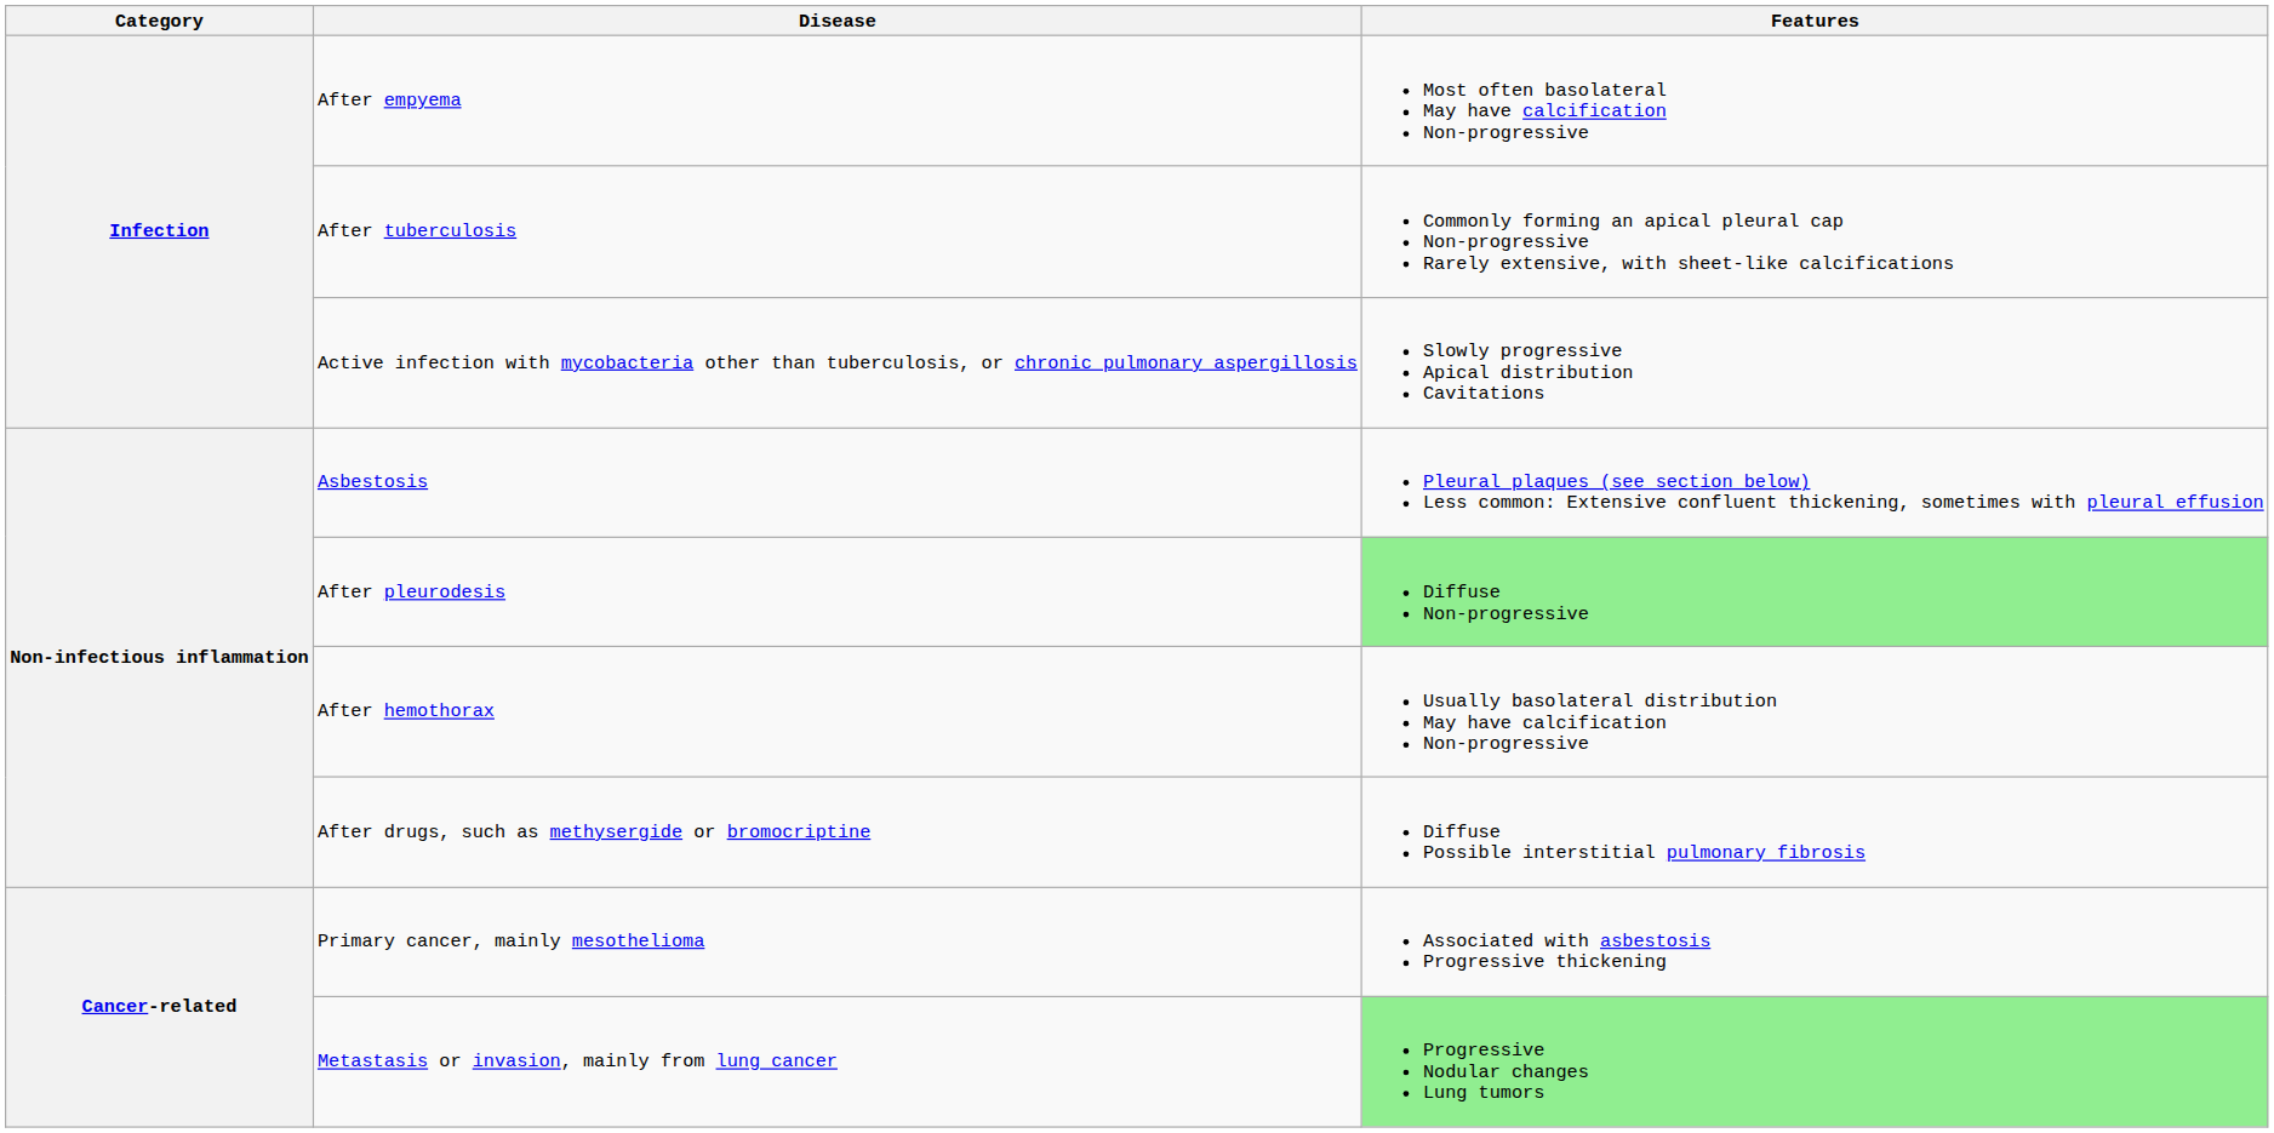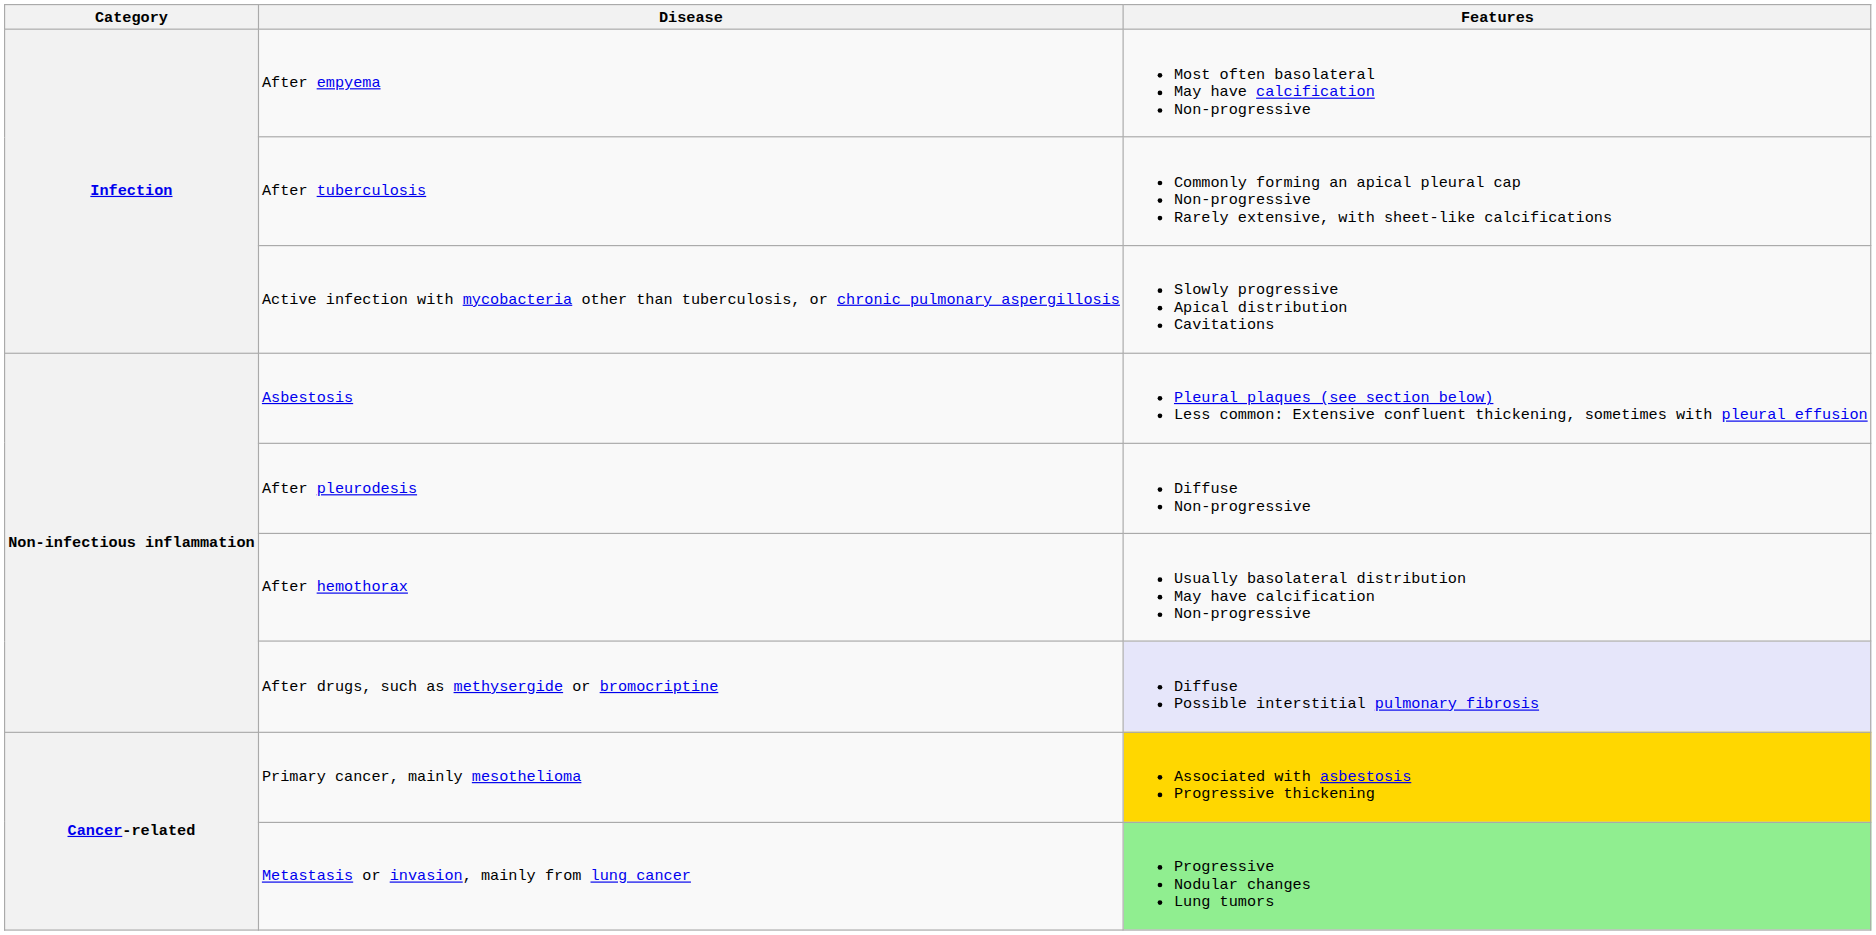 <table class="wikitable">
 <tr>
 <th>Category</th>
 <th>Disease</th>
 <th>Features</th>
 </tr>
 <tr>
 <th rowspan=3><a href='#'>Infection</a></th>
 <td>After <a href='#'>empyema</a></td>
 <td><br><ul><li>Most often basolateral</li><li>May have <a href='#'>calcification</a></li><li>Non-progressive</li></ul></td>
 </tr>
 <tr>
 <td>After <a href='#'>tuberculosis</a></td>
 <td><br><ul><li>Commonly forming an apical pleural cap</li><li>Non-progressive</li><li>Rarely extensive, with sheet-like calcifications</li></ul></td>
 </tr>
 <tr>
 <td>Active infection with <a href='#'>mycobacteria</a> other than tuberculosis, or <a href='#'>chronic pulmonary aspergillosis</a></td>
 <td><br><ul><li>Slowly progressive</li><li>Apical distribution</li><li>Cavitations</li></ul></td>
 </tr>
 <tr>
 <th rowspan=4>Non-infectious inflammation</th>
 <td><a href='#'>Asbestosis</a></td>
 <td><br><ul><li><a href='#'>Pleural plaques (see section below)</a></li><li>Less common: Extensive confluent thickening, sometimes with <a href='#'>pleural effusion</a></li></ul></td>
 </tr>
 <tr>
 <td>After <a href='#'>pleurodesis</a></td>
-<td style="background: lightgreen;"><br><ul><li>Diffuse</li><li>Non-progressive</li></ul></td>
+<td><br><ul><li>Diffuse</li><li>Non-progressive</li></ul></td>
 </tr>
 <tr>
 <td>After <a href='#'>hemothorax</a></td>
 <td><br><ul><li>Usually basolateral distribution</li><li>May have calcification</li><li>Non-progressive</li></ul></td>
 </tr>
 <tr>
 <td>After drugs, such as <a href='#'>methysergide</a> or <a href='#'>bromocriptine</a></td>
-<td><br><ul><li>Diffuse</li><li>Possible interstitial <a href='#'>pulmonary fibrosis</a></li></ul></td>
+<td style="background: lavender;"><br><ul><li>Diffuse</li><li>Possible interstitial <a href='#'>pulmonary fibrosis</a></li></ul></td>
 </tr>
 <tr>
 <th rowspan=2><a href='#'>Cancer</a>-related</th>
 <td>Primary cancer, mainly <a href='#'>mesothelioma</a></td>
-<td><br><ul><li>Associated with <a href='#'>asbestosis</a></li><li>Progressive thickening</li></ul></td>
+<td style="background: gold;"><br><ul><li>Associated with <a href='#'>asbestosis</a></li><li>Progressive thickening</li></ul></td>
 </tr>
 <tr>
 <td><a href='#'>Metastasis</a> or <a href='#'>invasion</a>, mainly from <a href='#'>lung cancer</a></td>
 <td style="background: lightgreen;"><br><ul><li>Progressive</li><li>Nodular changes</li><li>Lung tumors</li></ul></td>
 </tr>
 </table>
